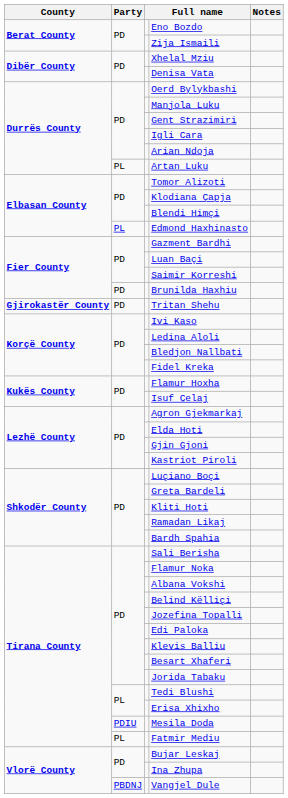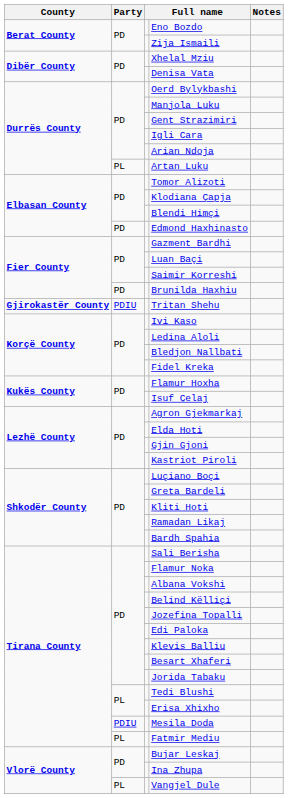 <table class="wikitable">
 <tr>
 <th>County</th>
 <th>Party</th>
 <th colspan="2">Full name</th>
 <th>Notes</th>
 </tr>
 <tr>
 <td rowspan="2"><strong><a href='#'>Berat County</a></strong></td>
 <td rowspan="2">PD</td>
 <td></td>
 <td><a href='#'>Eno Bozdo</a></td>
 <td></td>
 </tr>
 <tr>
 <td></td>
 <td><a href='#'>Zija Ismaili</a></td>
 <td></td>
 </tr>
 <tr>
 <td rowspan="2"><strong><a href='#'>Dibër County</a></strong></td>
 <td rowspan="2">PD</td>
 <td></td>
 <td><a href='#'>Xhelal Mziu</a></td>
 <td></td>
 </tr>
 <tr>
 <td></td>
 <td><a href='#'>Denisa Vata</a></td>
 <td></td>
 </tr>
 <tr>
 <td rowspan="6"><strong><a href='#'>Durrës County</a></strong></td>
 <td rowspan="5">PD</td>
 <td></td>
 <td><a href='#'>Oerd Bylykbashi</a></td>
 <td></td>
 </tr>
 <tr>
 <td></td>
 <td><a href='#'>Manjola Luku</a></td>
 <td></td>
 </tr>
 <tr>
 <td></td>
 <td><a href='#'>Gent Strazimiri</a></td>
 <td></td>
 </tr>
 <tr>
 <td></td>
 <td><a href='#'>Igli Cara</a></td>
 <td></td>
 </tr>
 <tr>
 <td></td>
 <td><a href='#'>Arian Ndoja</a></td>
 <td></td>
 </tr>
 <tr>
 <td>PL</td>
 <td></td>
 <td><a href='#'>Artan Luku</a></td>
 <td></td>
 </tr>
 <tr>
 <td rowspan="4"><strong><a href='#'>Elbasan County</a></strong></td>
 <td rowspan="3">PD</td>
 <td></td>
 <td><a href='#'>Tomor Alizoti</a></td>
 <td></td>
 </tr>
 <tr>
 <td></td>
 <td><a href='#'>Klodiana Çapja</a></td>
 <td></td>
 </tr>
 <tr>
 <td></td>
 <td><a href='#'>Blendi Himçi</a></td>
 <td></td>
 </tr>
 <tr>
-<td><a href='#'>PL</a></td>
+<td>PD</td>
 <td></td>
 <td><a href='#'>Edmond Haxhinasto</a></td>
 <td></td>
 </tr>
 <tr>
 <td rowspan="4"><strong><a href='#'>Fier County</a></strong></td>
 <td rowspan="3">PD</td>
 <td></td>
 <td><a href='#'>Gazment Bardhi</a></td>
 <td></td>
 </tr>
 <tr>
 <td></td>
 <td><a href='#'>Luan Baçi</a></td>
 <td></td>
 </tr>
 <tr>
 <td></td>
 <td><a href='#'>Saimir Korreshi</a></td>
 <td></td>
 </tr>
 <tr>
 <td>PD</td>
 <td></td>
 <td><a href='#'>Brunilda Haxhiu</a></td>
 <td></td>
 </tr>
 <tr>
 <td><strong><a href='#'>Gjirokastër County</a></strong></td>
-<td>PD</td>
+<td><a href='#'>PDIU</a></td>
 <td></td>
 <td><a href='#'>Tritan Shehu</a></td>
 <td></td>
 </tr>
 <tr>
 <td rowspan="4"><strong><a href='#'>Korçë County</a></strong></td>
 <td rowspan="4">PD</td>
 <td></td>
 <td><a href='#'>Ivi Kaso</a></td>
 <td></td>
 </tr>
 <tr>
 <td></td>
 <td><a href='#'>Ledina Aloli</a></td>
 <td></td>
 </tr>
 <tr>
 <td></td>
 <td><a href='#'>Bledjon Nallbati</a></td>
 <td></td>
 </tr>
 <tr>
 <td></td>
 <td><a href='#'>Fidel Kreka</a></td>
 <td></td>
 </tr>
 <tr>
 <td rowspan="2"><strong><a href='#'>Kukës County</a></strong></td>
 <td rowspan="2">PD</td>
 <td></td>
 <td><a href='#'>Flamur Hoxha</a></td>
 <td></td>
 </tr>
 <tr>
 <td></td>
 <td><a href='#'>Isuf Çelaj</a></td>
 <td></td>
 </tr>
 <tr>
 <td rowspan="4"><strong><a href='#'>Lezhë County</a></strong></td>
 <td rowspan="4">PD</td>
 <td></td>
 <td><a href='#'>Agron Gjekmarkaj</a></td>
 <td></td>
 </tr>
 <tr>
 <td></td>
 <td><a href='#'>Elda Hoti</a></td>
 <td></td>
 </tr>
 <tr>
 <td></td>
 <td><a href='#'>Gjin Gjoni</a></td>
 <td></td>
 </tr>
 <tr>
 <td></td>
 <td><a href='#'>Kastriot Piroli</a></td>
 <td></td>
 </tr>
 <tr>
 <td rowspan="5"><strong><a href='#'>Shkodër County</a></strong></td>
 <td rowspan="5">PD</td>
 <td></td>
 <td><a href='#'>Luçiano Boçi</a></td>
 <td></td>
 </tr>
 <tr>
 <td></td>
 <td><a href='#'>Greta Bardeli</a></td>
 <td></td>
 </tr>
 <tr>
 <td></td>
 <td><a href='#'>Kliti Hoti</a></td>
 <td></td>
 </tr>
 <tr>
 <td></td>
 <td><a href='#'>Ramadan Likaj</a></td>
 <td></td>
 </tr>
 <tr>
 <td></td>
 <td><a href='#'>Bardh Spahia</a></td>
 <td></td>
 </tr>
 <tr>
 <td rowspan="13"><strong><a href='#'>Tirana County</a></strong></td>
 <td rowspan="9">PD</td>
 <td></td>
 <td><a href='#'>Sali Berisha</a></td>
 <td></td>
 </tr>
 <tr>
 <td></td>
 <td><a href='#'>Flamur Noka</a></td>
 <td></td>
 </tr>
 <tr>
 <td></td>
 <td><a href='#'>Albana Vokshi</a></td>
 <td></td>
 </tr>
 <tr>
 <td></td>
 <td><a href='#'>Belind Këlliçi</a></td>
 <td></td>
 </tr>
 <tr>
 <td></td>
 <td><a href='#'>Jozefina Topalli</a></td>
 <td></td>
 </tr>
 <tr>
 <td></td>
 <td><a href='#'>Edi Paloka</a></td>
 <td></td>
 </tr>
 <tr>
 <td></td>
 <td><a href='#'>Klevis Balliu</a></td>
 <td></td>
 </tr>
 <tr>
 <td></td>
 <td><a href='#'>Besart Xhaferi</a></td>
 <td></td>
 </tr>
 <tr>
 <td></td>
 <td><a href='#'>Jorida Tabaku</a></td>
 <td></td>
 </tr>
 <tr>
 <td rowspan="2">PL</td>
 <td></td>
 <td><a href='#'>Tedi Blushi</a></td>
 <td></td>
 </tr>
 <tr>
 <td></td>
 <td><a href='#'>Erisa Xhixho</a></td>
 <td></td>
 </tr>
 <tr>
 <td><a href='#'>PDIU</a></td>
 <td></td>
 <td><a href='#'>Mesila Doda</a></td>
 <td></td>
 </tr>
 <tr>
 <td>PL</td>
 <td></td>
 <td><a href='#'>Fatmir Mediu</a></td>
 <td></td>
 </tr>
 <tr>
 <td rowspan="3"><strong><a href='#'>Vlorë County</a></strong></td>
 <td rowspan="2">PD</td>
 <td></td>
 <td><a href='#'>Bujar Leskaj</a></td>
 <td></td>
 </tr>
 <tr>
 <td></td>
 <td><a href='#'>Ina Zhupa</a></td>
 <td></td>
 </tr>
 <tr>
-<td><a href='#'>PBDNJ</a></td>
+<td>PL</td>
 <td></td>
 <td><a href='#'>Vangjel Dule</a></td>
 <td></td>
 </tr>
 </table>
